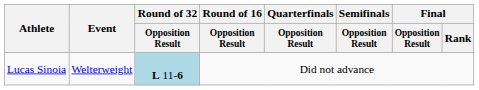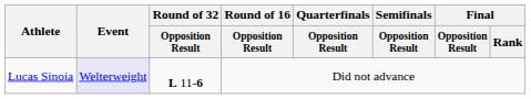 <table class=wikitable style="font-size:90%">
 <tr>
 <th rowspan="2">Athlete</th>
 <th rowspan="2">Event</th>
 <th>Round of 32</th>
 <th>Round of 16</th>
 <th>Quarterfinals</th>
 <th>Semifinals</th>
 <th colspan="2">Final</th>
 </tr>
 <tr>
 <th style="line-height:1em"><small>Opposition<br>Result</small></th>
 <th style="line-height:1em"><small>Opposition<br>Result</small></th>
 <th style="line-height:1em"><small>Opposition<br>Result</small></th>
 <th style="line-height:1em"><small>Opposition<br>Result</small></th>
 <th style="line-height:1em"><small>Opposition<br>Result</small></th>
 <th>Rank</th>
 </tr>
 <tr>
 <td><a href='#'>Lucas Sinoia</a></td>
-<td><a href='#'>Welterweight</a></td>
-<td align=center style="background: lightblue;"><br><strong>L</strong> 11-<strong>6</strong></td>
+<td style="background: lavender;"><a href='#'>Welterweight</a></td>
+<td align=center><br><strong>L</strong> 11-<strong>6</strong></td>
 <td colspan=5 align=center>Did not advance</td>
 </tr>
 </table>
